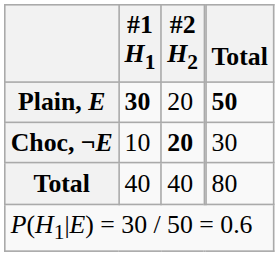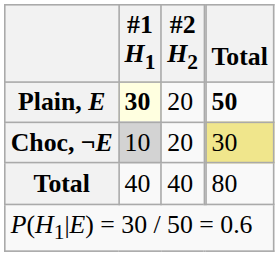 <table class="wikitable floatright" style="font-size:100%;">
 <tr>
 <th></th>
 <th>#1<br><em>H</em><sub>1</sub></th>
 <th>#2<br><em>H</em><sub>2</sub></th>
 <th rowspan="4" style="padding:0;"></th>
 <th><br>Total</th>
 </tr>
 <tr>
 <th>Plain, <em>E</em></th>
-<td><strong>30</strong></td>
+<td style="background: lightyellow;"><strong>30</strong></td>
 <td>20</td>
 <td><strong>50</strong></td>
 </tr>
 <tr>
 <th>Choc, ¬<em>E</em></th>
-<td>10</td>
-<td><strong>20</strong></td>
-<td>30</td>
+<td style="background: lightgrey;">10</td>
+<td>20</td>
+<td style="background: khaki;">30</td>
 </tr>
 <tr>
 <th>Total</th>
 <td>40</td>
 <td>40</td>
 <td>80</td>
 </tr>
 <tr>
 <td colspan="5"><em>P</em>(<em>H</em><sub>1</sub>|<em>E</em>) = 30 / 50 = 0.6</td>
 </tr>
 </table>
